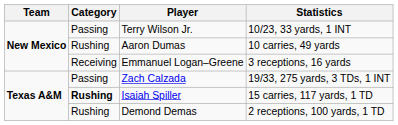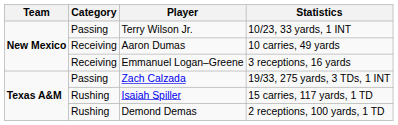 <table class="wikitable" style="float: left;">
 <tr>
 <th>Team</th>
 <th>Category</th>
 <th>Player</th>
 <th>Statistics</th>
 </tr>
 <tr>
 <td rowspan=3><strong>New Mexico</strong></td>
 <td>Passing</td>
 <td>Terry Wilson Jr.</td>
 <td>10/23, 33 yards, 1 INT</td>
 </tr>
 <tr>
-<td>Rushing</td>
+<td>Receiving</td>
 <td>Aaron Dumas</td>
 <td>10 carries, 49 yards</td>
 </tr>
 <tr>
 <td>Receiving</td>
 <td>Emmanuel Logan–Greene</td>
 <td>3 receptions, 16 yards</td>
 </tr>
 <tr>
 <td rowspan=3><strong>Texas A&M</strong></td>
 <td>Passing</td>
 <td><a href='#'>Zach Calzada</a></td>
 <td>19/33, 275 yards, 3 TDs, 1 INT</td>
 </tr>
 <tr>
-<td><strong>Rushing</strong></td>
+<td>Rushing</td>
 <td><a href='#'>Isaiah Spiller</a></td>
 <td>15 carries, 117 yards, 1 TD</td>
 </tr>
 <tr>
 <td>Rushing</td>
 <td>Demond Demas</td>
 <td>2 receptions, 100 yards, 1 TD</td>
 </tr>
 </table>
